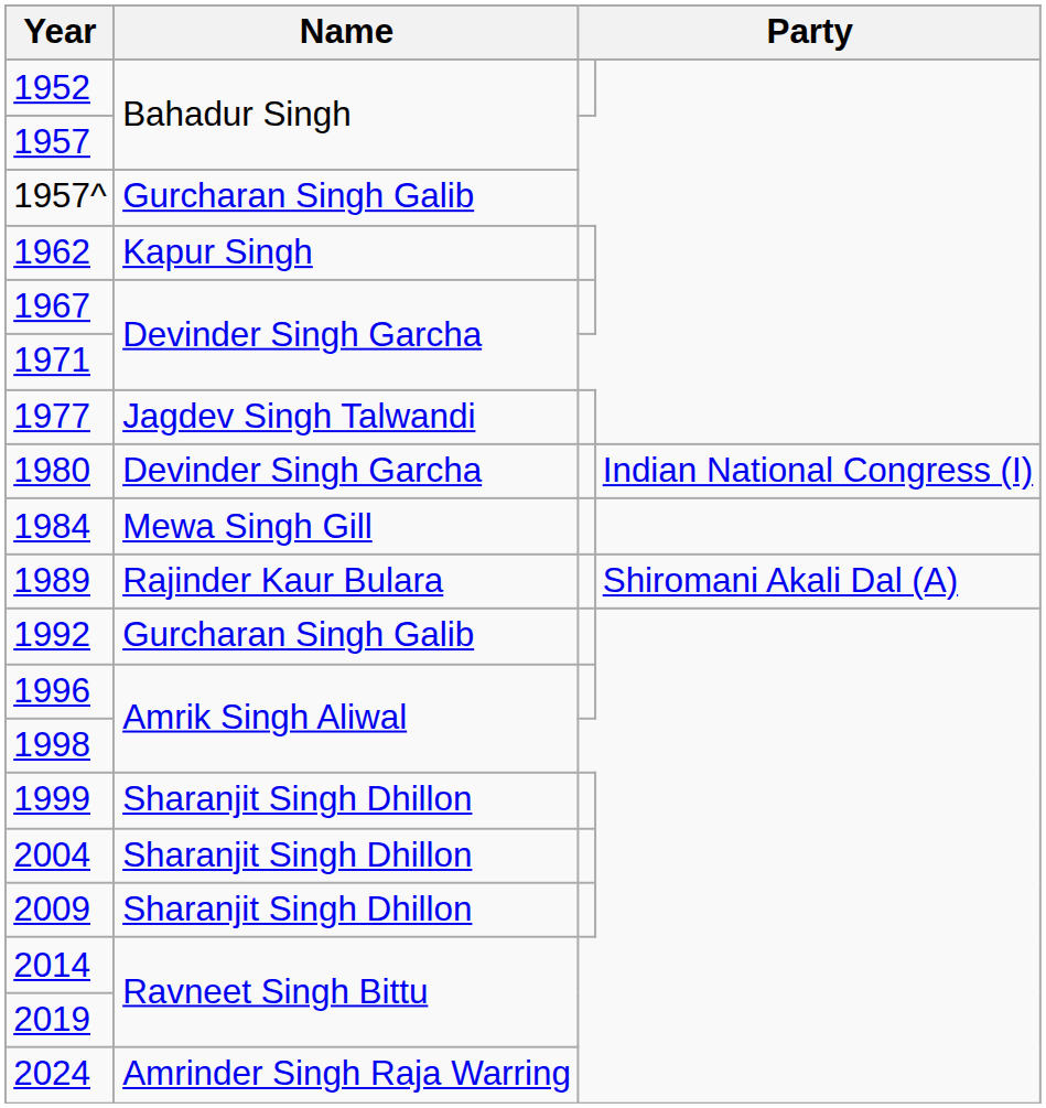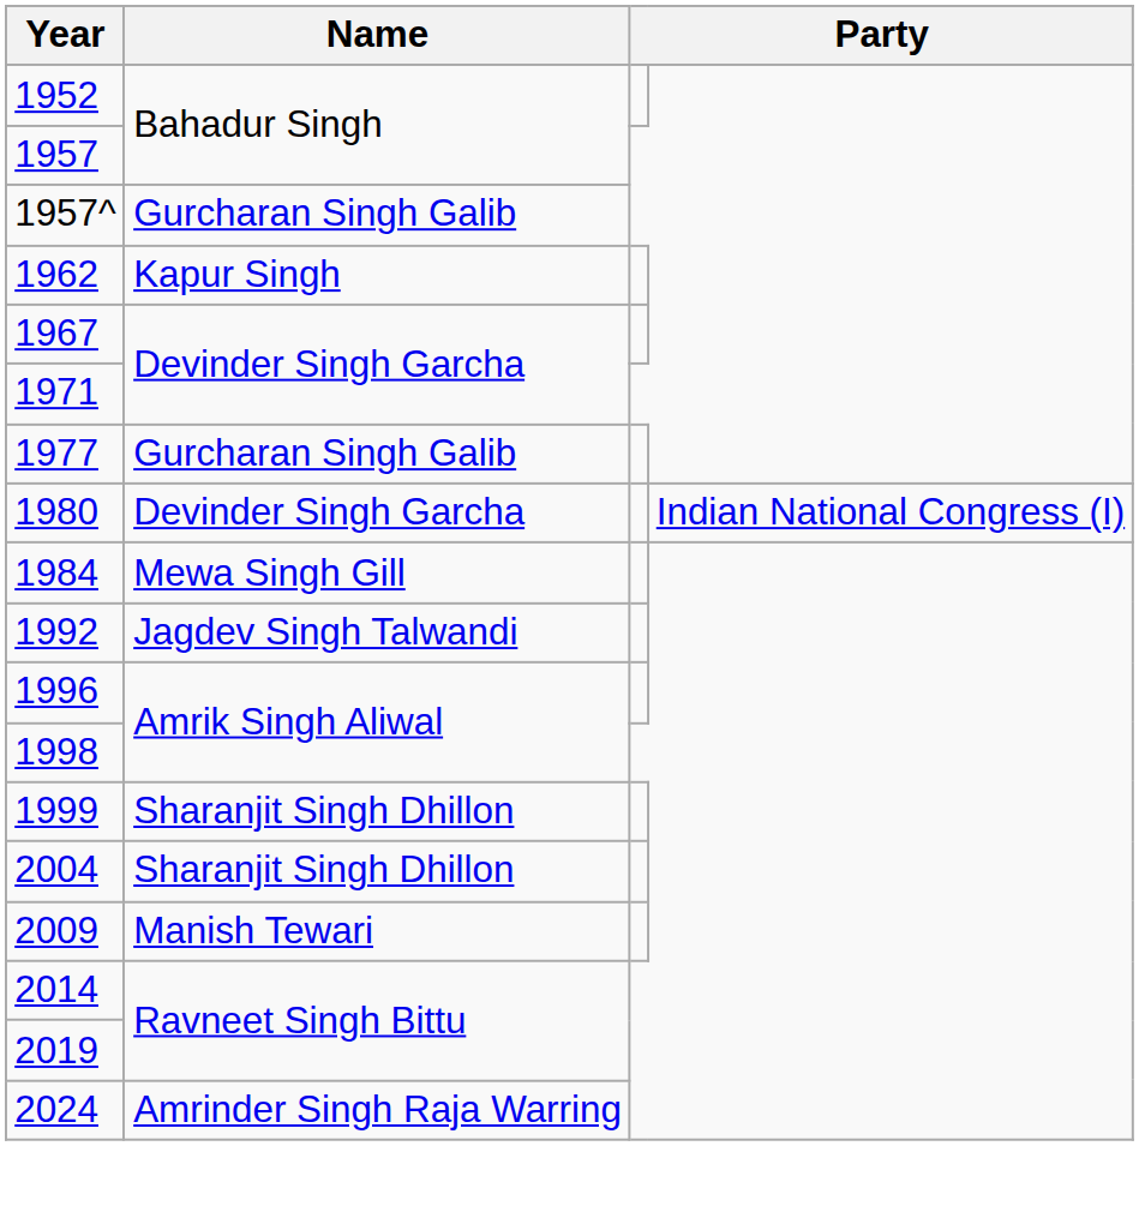 <table class="wikitable">
 <tr>
 <th>Year</th>
 <th>Name</th>
 <th colspan="2">Party</th>
 </tr>
 <tr>
 <td><a href='#'>1952</a></td>
 <td rowspan="2">Bahadur Singh</td>
 <td></td>
 </tr>
 <tr>
 <td><a href='#'>1957</a></td>
 </tr>
 <tr>
 <td>1957^</td>
 <td><a href='#'>Gurcharan Singh Galib</a></td>
 </tr>
 <tr>
 <td><a href='#'>1962</a></td>
 <td><a href='#'>Kapur Singh</a></td>
 <td></td>
 </tr>
 <tr>
 <td><a href='#'>1967</a></td>
 <td rowspan="2"><a href='#'>Devinder Singh Garcha</a></td>
 <td></td>
 </tr>
 <tr>
 <td><a href='#'>1971</a></td>
 </tr>
 <tr>
 <td><a href='#'>1977</a></td>
-<td><a href='#'>Jagdev Singh Talwandi</a></td>
+<td><a href='#'>Gurcharan Singh Galib</a></td>
 <td></td>
 </tr>
 <tr>
 <td><a href='#'>1980</a></td>
 <td><a href='#'>Devinder Singh Garcha</a></td>
 <td style="background-color: "></td>
 <td><a href='#'>Indian National Congress (I)</a></td>
 </tr>
 <tr>
 <td><a href='#'>1984</a></td>
 <td><a href='#'>Mewa Singh Gill</a></td>
 <td></td>
 </tr>
 <tr>
-<td><a href='#'>1989</a></td>
-<td><a href='#'>Rajinder Kaur Bulara</a></td>
-<td style="background-color: "></td>
-<td><a href='#'>Shiromani Akali Dal (A)</a></td>
-</tr>
-<tr>
 <td><a href='#'>1992</a></td>
-<td><a href='#'>Gurcharan Singh Galib</a></td>
+<td><a href='#'>Jagdev Singh Talwandi</a></td>
 <td></td>
 </tr>
 <tr>
 <td><a href='#'>1996</a></td>
 <td rowspan="2"><a href='#'>Amrik Singh Aliwal</a></td>
 <td></td>
 </tr>
 <tr>
 <td><a href='#'>1998</a></td>
 </tr>
 <tr>
 <td><a href='#'>1999</a></td>
 <td><a href='#'>Sharanjit Singh Dhillon</a></td>
 <td></td>
 </tr>
 <tr>
 <td><a href='#'>2004</a></td>
 <td><a href='#'>Sharanjit Singh Dhillon</a></td>
 <td></td>
 </tr>
 <tr>
 <td><a href='#'>2009</a></td>
-<td><a href='#'>Sharanjit Singh Dhillon</a></td>
+<td><a href='#'>Manish Tewari</a></td>
 <td></td>
 </tr>
 <tr>
 <td><a href='#'>2014</a></td>
 <td rowspan="2"><a href='#'>Ravneet Singh Bittu</a></td>
 </tr>
 <tr>
 <td><a href='#'>2019</a></td>
 </tr>
 <tr>
 <td><a href='#'>2024</a></td>
 <td><a href='#'>Amrinder Singh Raja Warring</a></td>
 </tr>
 </table>
